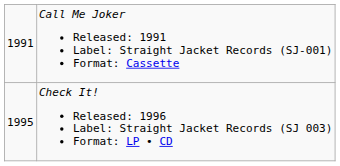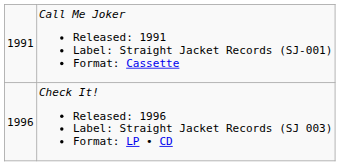 <table class="wikitable">
 <tr>
 <td align="center">1991</td>
 <td><em>Call Me Joker</em><br><ul><li>Released: 1991</li><li>Label: Straight Jacket Records (SJ-001)</li><li>Format: <a href='#'>Cassette</a></li></ul></td>
 </tr>
 <tr>
-<td align="center">1995</td>
+<td align="center">1996</td>
 <td><em>Check It!</em><br><ul><li>Released: 1996</li><li>Label: Straight Jacket Records (SJ 003)</li><li>Format: <a href='#'>LP</a> • <a href='#'>CD</a></li></ul></td>
 </tr>
 </table>
